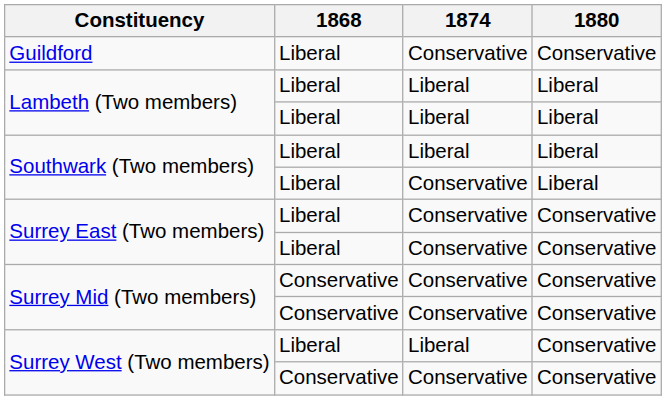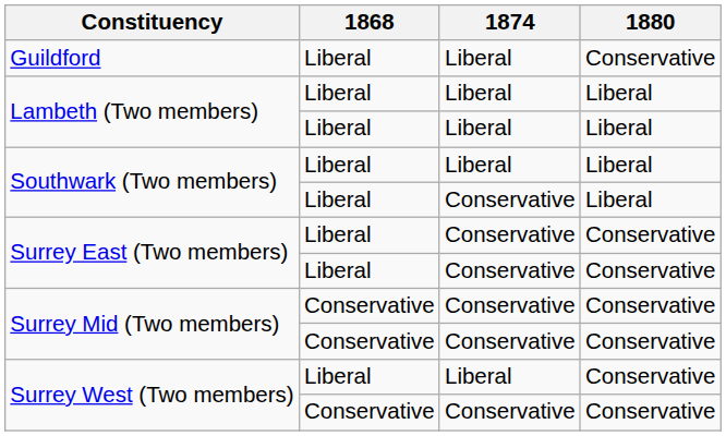 <table class="wikitable">
 <tr>
 <th>Constituency</th>
 <th>1868</th>
 <th>1874</th>
 <th>1880</th>
 </tr>
 <tr>
 <td><a href='#'>Guildford</a></td>
 <td>Liberal</td>
-<td>Conservative</td>
+<td>Liberal</td>
 <td>Conservative</td>
 </tr>
 <tr>
 <td rowspan="2"><a href='#'>Lambeth</a> (Two members)</td>
 <td>Liberal</td>
 <td>Liberal</td>
 <td>Liberal</td>
 </tr>
 <tr>
 <td>Liberal</td>
 <td>Liberal</td>
 <td>Liberal</td>
 </tr>
 <tr>
 <td rowspan="2"><a href='#'>Southwark</a> (Two members)</td>
 <td>Liberal</td>
 <td>Liberal</td>
 <td>Liberal</td>
 </tr>
 <tr>
 <td>Liberal</td>
 <td>Conservative</td>
 <td>Liberal</td>
 </tr>
 <tr>
 <td rowspan="2"><a href='#'>Surrey East</a> (Two members)</td>
 <td>Liberal</td>
 <td>Conservative</td>
 <td>Conservative</td>
 </tr>
 <tr>
 <td>Liberal</td>
 <td>Conservative</td>
 <td>Conservative</td>
 </tr>
 <tr>
 <td rowspan="2"><a href='#'>Surrey Mid</a> (Two members)</td>
 <td>Conservative</td>
 <td>Conservative</td>
 <td>Conservative</td>
 </tr>
 <tr>
 <td>Conservative</td>
 <td>Conservative</td>
 <td>Conservative</td>
 </tr>
 <tr>
 <td rowspan="2"><a href='#'>Surrey West</a> (Two members)</td>
 <td>Liberal</td>
 <td>Liberal</td>
 <td>Conservative</td>
 </tr>
 <tr>
 <td>Conservative</td>
 <td>Conservative</td>
 <td>Conservative</td>
 </tr>
 </table>
